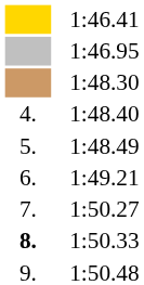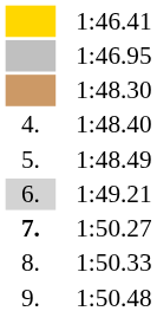 <table style="text-align:center">
 <tr>
 <td width=30 bgcolor=gold></td>
 <td align=left></td>
 <td width=60>1:46.41</td>
 </tr>
 <tr>
 <td bgcolor=silver></td>
 <td align=left></td>
 <td>1:46.95</td>
 </tr>
 <tr>
 <td bgcolor=cc9966></td>
 <td align=left></td>
 <td>1:48.30</td>
 </tr>
 <tr>
 <td>4.</td>
 <td align=left></td>
 <td>1:48.40</td>
 </tr>
 <tr>
 <td>5.</td>
 <td align=left></td>
 <td>1:48.49</td>
 </tr>
 <tr>
-<td>6.</td>
+<td style="background: lightgrey;">6.</td>
 <td align=left></td>
 <td>1:49.21</td>
 </tr>
 <tr>
-<td>7.</td>
+<td><strong>7.</strong></td>
 <td align=left></td>
 <td>1:50.27</td>
 </tr>
 <tr>
-<td><strong>8.</strong></td>
+<td>8.</td>
 <td align=left></td>
 <td>1:50.33</td>
 </tr>
 <tr>
 <td>9.</td>
 <td align=left></td>
 <td>1:50.48</td>
 </tr>
 </table>
